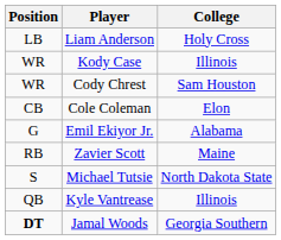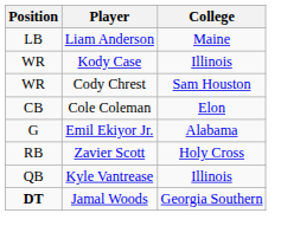 <table class="wikitable" style="text-align:center">
 <tr>
 <th>Position</th>
 <th>Player</th>
 <th>College</th>
 </tr>
 <tr>
 <td>LB</td>
 <td><a href='#'>Liam Anderson</a></td>
-<td><a href='#'>Holy Cross</a></td>
+<td><a href='#'>Maine</a></td>
 </tr>
 <tr>
 <td>WR</td>
 <td><a href='#'>Kody Case</a></td>
 <td><a href='#'>Illinois</a></td>
 </tr>
 <tr>
 <td>WR</td>
 <td>Cody Chrest</td>
 <td><a href='#'>Sam Houston</a></td>
 </tr>
 <tr>
 <td>CB</td>
 <td>Cole Coleman</td>
 <td><a href='#'>Elon</a></td>
 </tr>
 <tr>
 <td>G</td>
 <td><a href='#'>Emil Ekiyor Jr.</a></td>
 <td><a href='#'>Alabama</a></td>
 </tr>
 <tr>
 <td>RB</td>
 <td><a href='#'>Zavier Scott</a></td>
-<td><a href='#'>Maine</a></td>
-</tr>
-<tr>
-<td>S</td>
-<td><a href='#'>Michael Tutsie</a></td>
-<td><a href='#'>North Dakota State</a></td>
+<td><a href='#'>Holy Cross</a></td>
 </tr>
 <tr>
 <td>QB</td>
 <td><a href='#'>Kyle Vantrease</a></td>
 <td><a href='#'>Illinois</a></td>
 </tr>
 <tr>
 <td><strong>DT</strong></td>
 <td><a href='#'>Jamal Woods</a></td>
 <td><a href='#'>Georgia Southern</a></td>
 </tr>
 </table>
